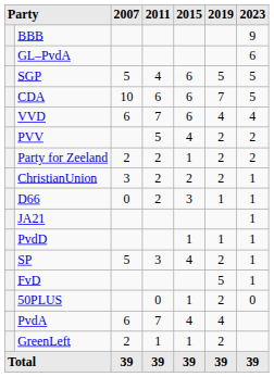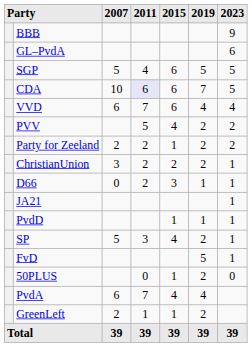 <table class="wikitable mw-collapsible mw-collapsed" style="text-align:center;">
 <tr>
 <th colspan=2; style="background:#e9e9e9; text-align:left; vertical-align:top;">Party</th>
 <th style="background:#e9e9e9; text-align:right; vertical-align:top;">2007</th>
 <th style="background:#e9e9e9; text-align:right; vertical-align:top;">2011</th>
 <th style="background:#e9e9e9; text-align:right; vertical-align:top;">2015</th>
 <th style="background:#e9e9e9; text-align:right; vertical-align:top;">2019</th>
 <th style="background:#e9e9e9; text-align:right; vertical-align:top;">2023</th>
 </tr>
 <tr>
 <th width=5px style="background-color: "></th>
 <td style="text-align:left;"><a href='#'>BBB</a></td>
 <td></td>
 <td></td>
 <td></td>
 <td></td>
 <td>9</td>
 </tr>
 <tr>
 <th width=5px style="background-color: "></th>
 <td style="text-align:left;"><a href='#'>GL–PvdA</a></td>
 <td></td>
 <td></td>
 <td></td>
 <td></td>
 <td>6</td>
 </tr>
 <tr>
 <th width=5px style="background-color: "></th>
 <td style="text-align:left;"><a href='#'>SGP</a></td>
 <td>5</td>
 <td>4</td>
 <td>6</td>
 <td>5</td>
 <td>5</td>
 </tr>
 <tr>
 <th width=5px style="background-color: "></th>
 <td style="text-align:left;"><a href='#'>CDA</a></td>
 <td>10</td>
-<td>6</td>
+<td style="background: lavender;">6</td>
 <td>6</td>
 <td>7</td>
 <td>5</td>
 </tr>
 <tr>
 <th width=5px style="background-color: "></th>
 <td style="text-align:left;"><a href='#'>VVD</a></td>
 <td>6</td>
 <td>7</td>
 <td>6</td>
 <td>4</td>
 <td>4</td>
 </tr>
 <tr>
 <th width=5px style="background-color: "></th>
 <td style="text-align:left;"><a href='#'>PVV</a></td>
 <td></td>
 <td>5</td>
 <td>4</td>
 <td>2</td>
 <td>2</td>
 </tr>
 <tr>
 <th width=5px style="background-color: "></th>
 <td style="text-align:left;"><a href='#'>Party for Zeeland</a></td>
 <td>2</td>
 <td>2</td>
 <td>1</td>
 <td>2</td>
 <td>2</td>
 </tr>
 <tr>
 <th width=5px style="background-color: "></th>
 <td style="text-align:left;"><a href='#'>ChristianUnion</a></td>
 <td>3</td>
 <td>2</td>
 <td>2</td>
 <td>2</td>
 <td>1</td>
 </tr>
 <tr>
 <th width=5px style="background-color: "></th>
 <td style="text-align:left;"><a href='#'>D66</a></td>
 <td>0</td>
 <td>2</td>
 <td>3</td>
 <td>1</td>
 <td>1</td>
 </tr>
 <tr>
 <th width=5px style="background-color: "></th>
 <td style="text-align:left;"><a href='#'>JA21</a></td>
 <td></td>
 <td></td>
 <td></td>
 <td></td>
 <td>1</td>
 </tr>
 <tr>
 <th width=5px style="background-color: "></th>
 <td style="text-align:left;"><a href='#'>PvdD</a></td>
 <td></td>
 <td></td>
 <td>1</td>
 <td>1</td>
 <td>1</td>
 </tr>
 <tr>
 <th width=5px style="background-color: "></th>
 <td style="text-align:left;"><a href='#'>SP</a></td>
 <td>5</td>
 <td>3</td>
 <td>4</td>
 <td>2</td>
 <td>1</td>
 </tr>
 <tr>
 <th width=5px style="background-color: "></th>
 <td style="text-align:left;"><a href='#'>FvD</a></td>
 <td></td>
 <td></td>
 <td></td>
 <td>5</td>
 <td>1</td>
 </tr>
 <tr>
 <th width=5px style="background-color: "></th>
 <td style="text-align:left;"><a href='#'>50PLUS</a></td>
 <td></td>
 <td>0</td>
 <td>1</td>
 <td>2</td>
 <td>0</td>
 </tr>
 <tr>
 <th width=5px style="background-color: "></th>
 <td style="text-align:left;"><a href='#'>PvdA</a></td>
 <td>6</td>
 <td>7</td>
 <td>4</td>
 <td>4</td>
 <td></td>
 </tr>
 <tr>
 <th width=5px style="background-color: "></th>
 <td style="text-align:left;"><a href='#'>GreenLeft</a></td>
 <td>2</td>
 <td>1</td>
 <td>1</td>
 <td>2</td>
 <td></td>
 </tr>
 <tr>
 <th colspan=2; style="text-align:left; background:#e9e9e9;">Total</th>
 <th style="background:#e9e9e9;">39</th>
 <th style="background:#e9e9e9;">39</th>
 <th style="background:#e9e9e9;">39</th>
 <th style="background:#e9e9e9;">39</th>
 <th style="background:#e9e9e9;">39</th>
 </tr>
 </table>
